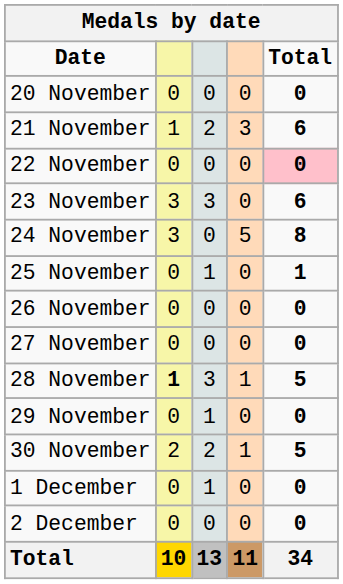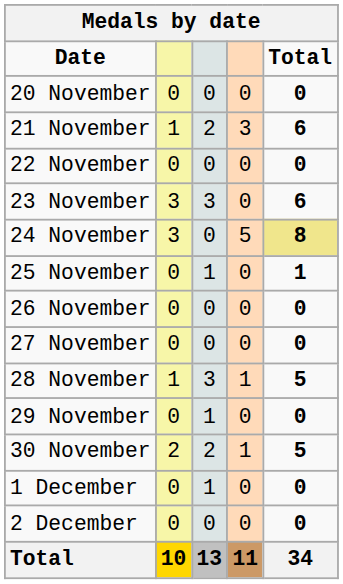 <table class="wikitable" style="text-align:center;font-size:90%">
 <tr style="background:#efefef;">
 <th colspan=7>Medals by date</th>
 </tr>
 <tr>
 <td><strong>Date</strong></td>
 <td bgcolor=#f7f6a8></td>
 <td bgcolor=#dce5e5></td>
 <td bgcolor=#ffdab9></td>
 <td><strong>Total</strong></td>
 </tr>
 <tr>
 <td style="text-align:left;">20 November</td>
 <td style="background:#F7F6A8;">0</td>
 <td style="background:#DCE5E5;">0</td>
 <td style="background:#FFDAB9;">0</td>
 <td><strong>0</strong></td>
 </tr>
 <tr>
 <td style="text-align:left;">21 November</td>
 <td style="background:#F7F6A8;">1</td>
 <td style="background:#DCE5E5;">2</td>
 <td style="background:#FFDAB9;">3</td>
 <td><strong>6</strong></td>
 </tr>
 <tr>
 <td style="text-align:left;">22 November</td>
 <td style="background:#F7F6A8;">0</td>
 <td style="background:#DCE5E5;">0</td>
 <td style="background:#FFDAB9;">0</td>
-<td style="background: pink;"><strong>0</strong></td>
+<td><strong>0</strong></td>
 </tr>
 <tr>
 <td style="text-align:left;">23 November</td>
 <td style="background:#F7F6A8;">3</td>
 <td style="background:#DCE5E5;">3</td>
 <td style="background:#FFDAB9;">0</td>
 <td><strong>6</strong></td>
 </tr>
 <tr>
 <td style="text-align:left;">24 November</td>
 <td style="background:#F7F6A8;">3</td>
 <td style="background:#DCE5E5;">0</td>
 <td style="background:#FFDAB9;">5</td>
-<td><strong>8</strong></td>
+<td style="background: khaki;"><strong>8</strong></td>
 </tr>
 <tr>
 <td style="text-align:left;">25 November</td>
 <td style="background:#F7F6A8;">0</td>
 <td style="background:#DCE5E5;">1</td>
 <td style="background:#FFDAB9;">0</td>
 <td><strong>1</strong></td>
 </tr>
 <tr>
 <td style="text-align:left;">26 November</td>
 <td style="background:#F7F6A8;">0</td>
 <td style="background:#DCE5E5;">0</td>
 <td style="background:#FFDAB9;">0</td>
 <td><strong>0</strong></td>
 </tr>
 <tr>
 <td style="text-align:left;">27 November</td>
 <td style="background:#F7F6A8;">0</td>
 <td style="background:#DCE5E5;">0</td>
 <td style="background:#FFDAB9;">0</td>
 <td><strong>0</strong></td>
 </tr>
 <tr>
 <td style="text-align:left;">28 November</td>
-<td style="background:#F7F6A8;"><strong>1</strong></td>
+<td style="background:#F7F6A8;">1</td>
 <td style="background:#DCE5E5;">3</td>
 <td style="background:#FFDAB9;">1</td>
 <td><strong>5</strong></td>
 </tr>
 <tr>
 <td style="text-align:left;">29 November</td>
 <td style="background:#F7F6A8;">0</td>
 <td style="background:#DCE5E5;">1</td>
 <td style="background:#FFDAB9;">0</td>
 <td><strong>0</strong></td>
 </tr>
 <tr>
 <td style="text-align:left;">30 November</td>
 <td style="background:#F7F6A8;">2</td>
 <td style="background:#DCE5E5;">2</td>
 <td style="background:#FFDAB9;">1</td>
 <td><strong>5</strong></td>
 </tr>
 <tr>
 <td style="text-align:left;">1 December</td>
 <td style="background:#F7F6A8;">0</td>
 <td style="background:#DCE5E5;">1</td>
 <td style="background:#FFDAB9;">0</td>
 <td><strong>0</strong></td>
 </tr>
 <tr>
 <td style="text-align:left;">2 December</td>
 <td style="background:#F7F6A8;">0</td>
 <td style="background:#DCE5E5;">0</td>
 <td style="background:#FFDAB9;">0</td>
 <td><strong>0</strong></td>
 </tr>
 <tr>
 <th style="text-align:left;">Total</th>
 <th style="background:gold;">10</th>
 <th style="background:silver;">13</th>
 <th style="background:#c96;">11</th>
 <th><strong>34</strong></th>
 </tr>
 </table>
